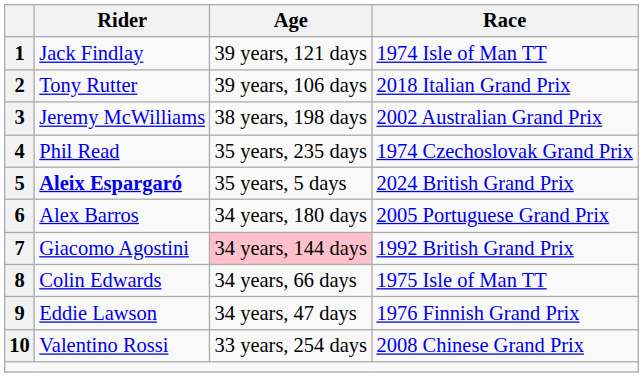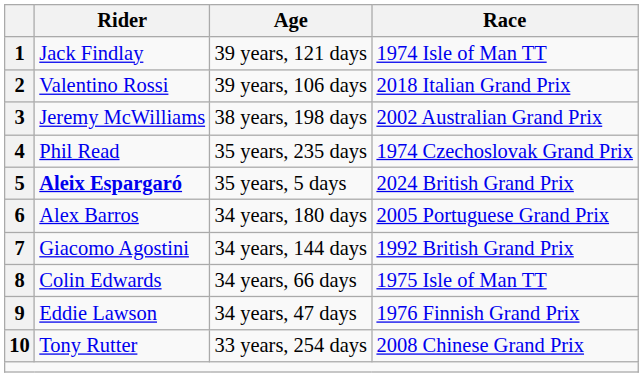 <table class="wikitable">
 <tr>
 <th></th>
 <th>Rider</th>
 <th>Age</th>
 <th>Race</th>
 </tr>
 <tr>
 <th>1</th>
 <td> <a href='#'>Jack Findlay</a></td>
 <td>39 years, 121 days</td>
 <td><a href='#'>1974 Isle of Man TT</a></td>
 </tr>
 <tr>
 <th>2</th>
-<td> <a href='#'>Tony Rutter</a></td>
+<td> <a href='#'>Valentino Rossi</a></td>
 <td>39 years, 106 days</td>
 <td><a href='#'>2018 Italian Grand Prix</a></td>
 </tr>
 <tr>
 <th>3</th>
 <td> <a href='#'>Jeremy McWilliams</a></td>
 <td>38 years, 198 days</td>
 <td><a href='#'>2002 Australian Grand Prix</a></td>
 </tr>
 <tr>
 <th>4</th>
 <td> <a href='#'>Phil Read</a></td>
 <td>35 years, 235 days</td>
 <td><a href='#'>1974 Czechoslovak Grand Prix</a></td>
 </tr>
 <tr>
 <th>5</th>
 <td> <strong><a href='#'>Aleix Espargaró</a></strong></td>
 <td>35 years, 5 days</td>
 <td><a href='#'>2024 British Grand Prix</a></td>
 </tr>
 <tr>
 <th>6</th>
 <td> <a href='#'>Alex Barros</a></td>
 <td>34 years, 180 days</td>
 <td><a href='#'>2005 Portuguese Grand Prix</a></td>
 </tr>
 <tr>
 <th>7</th>
 <td> <a href='#'>Giacomo Agostini</a></td>
-<td style="background: pink;">34 years, 144 days</td>
+<td>34 years, 144 days</td>
 <td><a href='#'>1992 British Grand Prix</a></td>
 </tr>
 <tr>
 <th>8</th>
 <td> <a href='#'>Colin Edwards</a></td>
 <td>34 years, 66 days</td>
 <td><a href='#'>1975 Isle of Man TT</a></td>
 </tr>
 <tr>
 <th>9</th>
 <td> <a href='#'>Eddie Lawson</a></td>
 <td>34 years, 47 days</td>
 <td><a href='#'>1976 Finnish Grand Prix</a></td>
 </tr>
 <tr>
 <th>10</th>
-<td> <a href='#'>Valentino Rossi</a></td>
+<td> <a href='#'>Tony Rutter</a></td>
 <td>33 years, 254 days</td>
 <td><a href='#'>2008 Chinese Grand Prix</a></td>
 </tr>
 <tr>
 <td colspan=4></td>
 </tr>
 </table>
